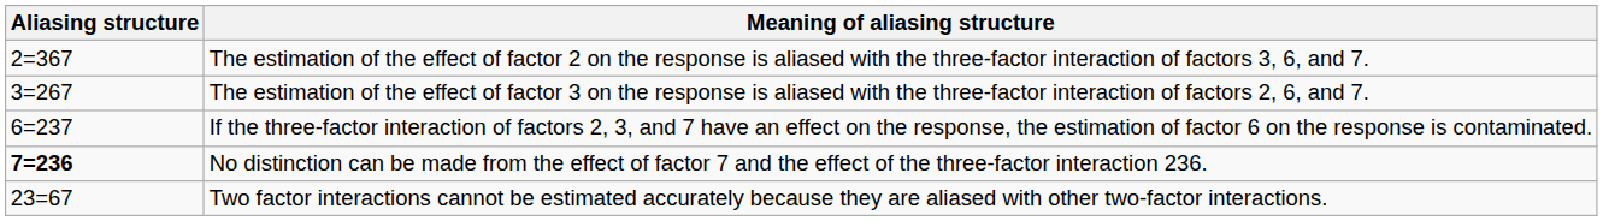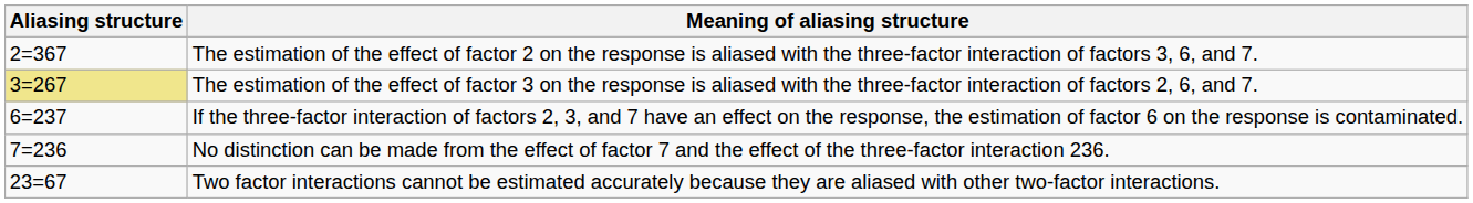 <table class="wikitable">
 <tr>
 <th>Aliasing structure</th>
 <th>Meaning of aliasing structure</th>
 </tr>
 <tr>
 <td>2=367</td>
 <td>The estimation of the effect of factor 2 on the response is aliased with the three-factor interaction of factors 3, 6, and 7.</td>
 </tr>
 <tr>
-<td>3=267</td>
+<td style="background: khaki;">3=267</td>
 <td>The estimation of the effect of factor 3 on the response is aliased with the three-factor interaction of factors 2, 6, and 7.</td>
 </tr>
 <tr>
 <td>6=237</td>
 <td>If the three-factor interaction of factors 2, 3, and 7 have an effect on the response, the estimation of factor 6 on the response is contaminated.</td>
 </tr>
 <tr>
-<td><strong>7=236</strong></td>
+<td>7=236</td>
 <td>No distinction can be made from the effect of factor 7 and the effect of the three-factor interaction 236.</td>
 </tr>
 <tr>
 <td>23=67</td>
 <td>Two factor interactions cannot be estimated accurately because they are aliased with other two-factor interactions.</td>
 </tr>
 </table>
